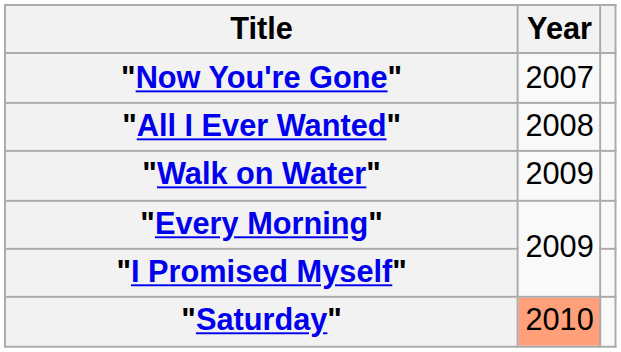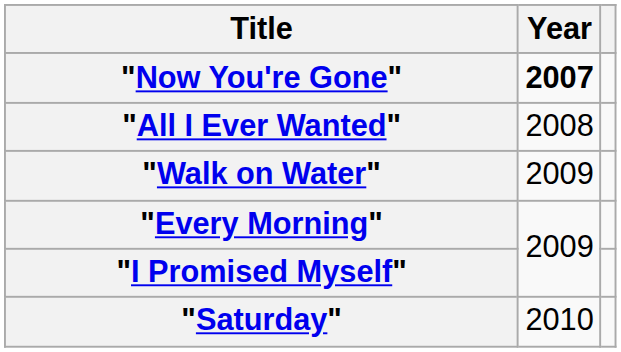 <table class="wikitable plainrowheaders" style="text-align:center;">
 <tr>
 <th scope="col" width="260">Title</th>
 <th scope="col">Year</th>
 <th scope="col"></th>
 </tr>
 <tr>
 <th scope="row">"<a href='#'>Now You're Gone</a>"</th>
-<td>2007</td>
+<td><strong>2007</strong></td>
 <td></td>
 </tr>
 <tr>
 <th scope="row">"<a href='#'>All I Ever Wanted</a>"</th>
 <td>2008</td>
 <td></td>
 </tr>
 <tr>
 <th scope="row">"<a href='#'>Walk on Water</a>"</th>
 <td>2009</td>
 <td></td>
 </tr>
 <tr>
 <th scope="row">"<a href='#'>Every Morning</a>"</th>
 <td rowspan="2">2009</td>
 <td></td>
 </tr>
 <tr>
 <th scope="row">"<a href='#'>I Promised Myself</a>"</th>
 <td></td>
 </tr>
 <tr>
 <th scope="row">"<a href='#'>Saturday</a>"</th>
-<td style="background: lightsalmon;">2010</td>
+<td>2010</td>
 <td></td>
 </tr>
 </table>
